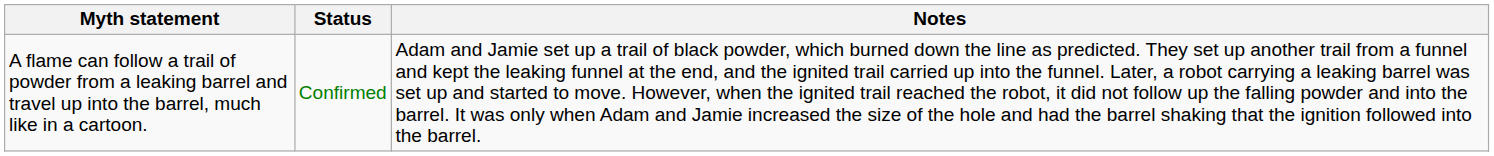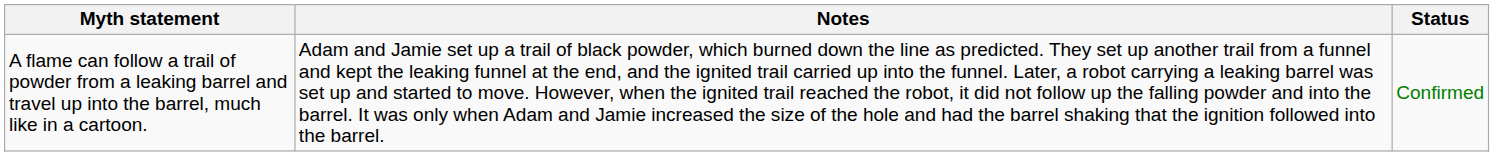 <table class="wikitable plainrowheaders">
 <tr>
 <th>Myth statement</th>
+<th>Notes</th>
 <th>Status</th>
-<th>Notes</th>
 </tr>
 <tr>
 <td>A flame can follow a trail of powder from a leaking barrel and travel up into the barrel, much like in a cartoon.</td>
+<td>Adam and Jamie set up a trail of black powder, which burned down the line as predicted. They set up another trail from a funnel and kept the leaking funnel at the end, and the ignited trail carried up into the funnel. Later, a robot carrying a leaking barrel was set up and started to move. However, when the ignited trail reached the robot, it did not follow up the falling powder and into the barrel. It was only when Adam and Jamie increased the size of the hole and had the barrel shaking that the ignition followed into the barrel.</td>
 <td style="color:green">Confirmed</td>
-<td>Adam and Jamie set up a trail of black powder, which burned down the line as predicted. They set up another trail from a funnel and kept the leaking funnel at the end, and the ignited trail carried up into the funnel. Later, a robot carrying a leaking barrel was set up and started to move. However, when the ignited trail reached the robot, it did not follow up the falling powder and into the barrel. It was only when Adam and Jamie increased the size of the hole and had the barrel shaking that the ignition followed into the barrel.</td>
 </tr>
 </table>
